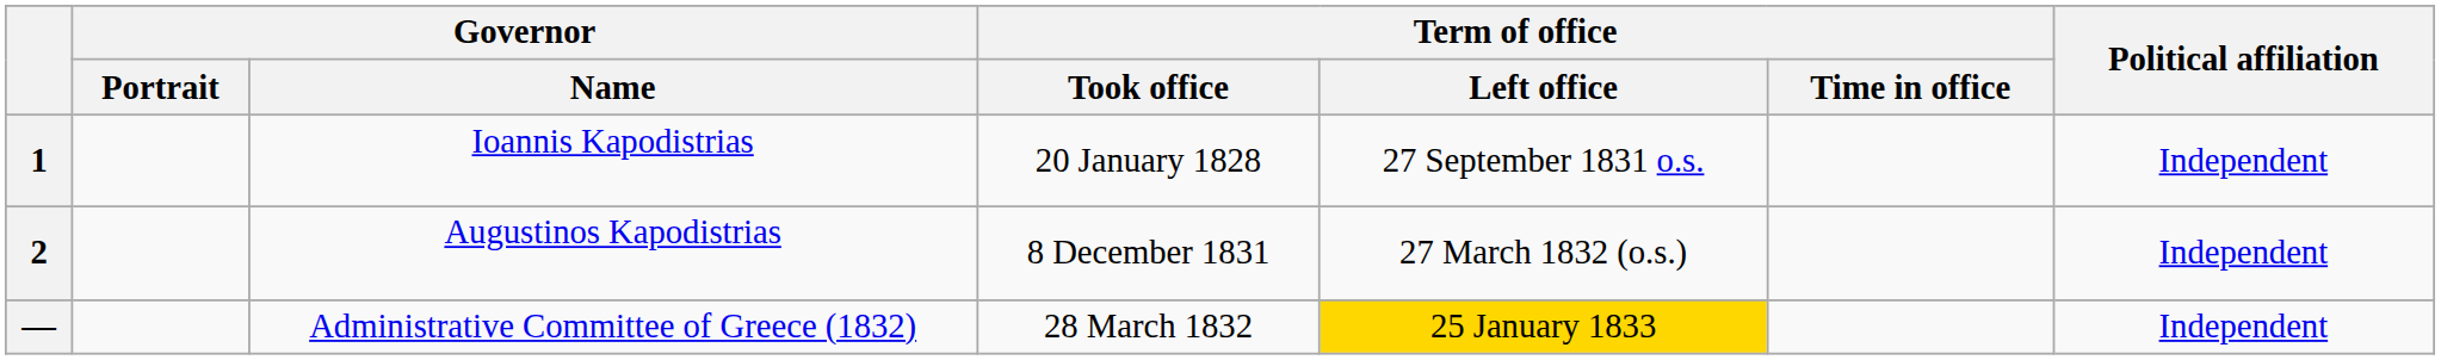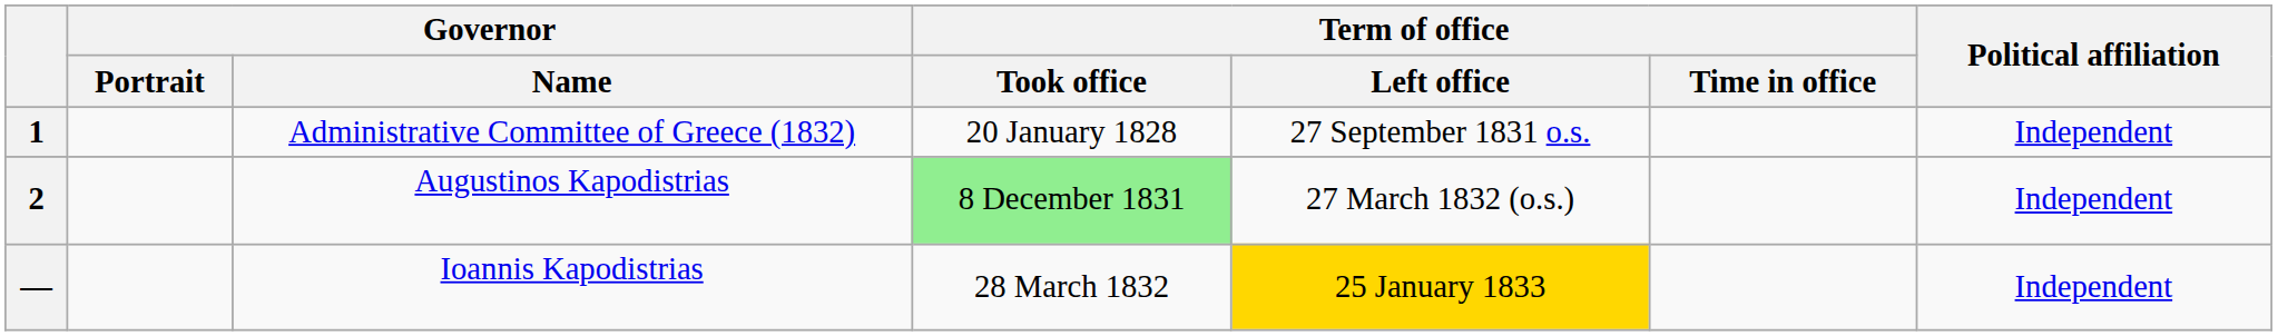 <table class="wikitable" style="text-align:center; width:90%">
 <tr>
 <th rowspan="2"></th>
 <th colspan="2">Governor</th>
 <th colspan="3">Term of office</th>
 <th rowspan="2">Political affiliation</th>
 </tr>
 <tr>
 <th>Portrait</th>
 <th style="width:30%;">Name<br></th>
 <th>Took office</th>
 <th>Left office</th>
 <th>Time in office</th>
 </tr>
 <tr>
 <th style="background:">1</th>
 <td></td>
-<td><a href='#'>Ioannis Kapodistrias</a><br><br></td>
+<td><a href='#'>Administrative Committee of Greece (1832)</a></td>
 <td>20 January 1828</td>
 <td>27 September 1831 <a href='#'>o.s.</a><br></td>
 <td></td>
 <td><a href='#'>Independent</a></td>
 </tr>
 <tr>
 <th style="background:">2</th>
 <td></td>
 <td><a href='#'>Augustinos Kapodistrias</a><br><br></td>
-<td>8 December 1831</td>
+<td style="background: lightgreen;">8 December 1831</td>
 <td>27 March 1832 (o.s.)<br></td>
 <td></td>
 <td><a href='#'>Independent</a></td>
 </tr>
 <tr>
 <th>—</th>
 <td></td>
-<td><a href='#'>Administrative Committee of Greece (1832)</a></td>
+<td><a href='#'>Ioannis Kapodistrias</a><br><br></td>
 <td>28 March 1832</td>
 <td style="background: gold;">25 January 1833</td>
 <td></td>
 <td><a href='#'>Independent</a></td>
 </tr>
 </table>
